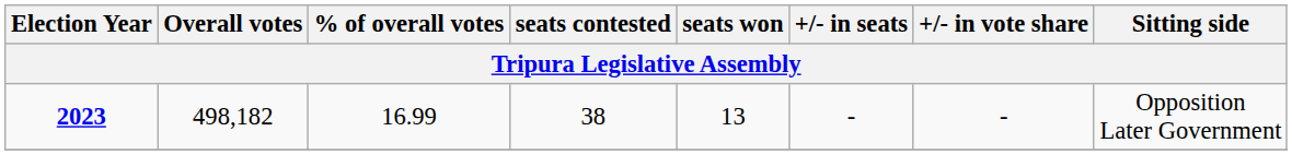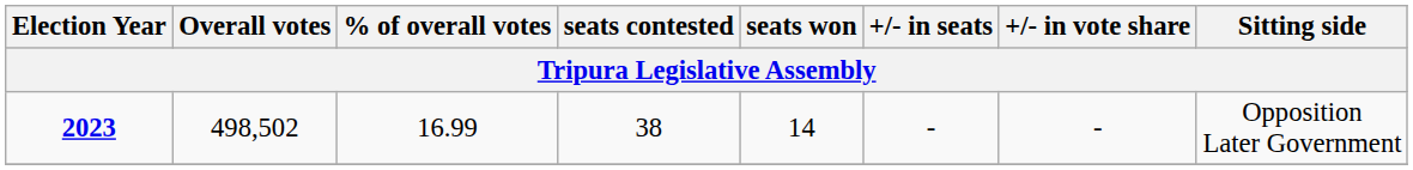 <table class="wikitable" style="text-align:center">
 <tr>
 <th Style="background-color:">Election Year</th>
 <th Style="background-color:">Overall votes</th>
 <th Style="background-color:">% of overall votes</th>
 <th Style="background-color:">seats contested</th>
 <th Style="background-color:">seats won</th>
 <th Style="background-color:">+/- in seats</th>
 <th Style="background-color:">+/- in vote share</th>
 <th Style="background-color:">Sitting side</th>
 </tr>
 <tr>
 <th colspan=8><a href='#'>Tripura Legislative Assembly</a></th>
 </tr>
 <tr>
 <td><a href='#'><strong>2023</strong></a></td>
-<td>498,182</td>
+<td>498,502</td>
 <td>16.99</td>
 <td>38</td>
-<td>13</td>
+<td>14</td>
 <td>-</td>
 <td>-</td>
 <td>Opposition<br>Later Government</td>
 </tr>
 <tr>
 </tr>
 </table>
